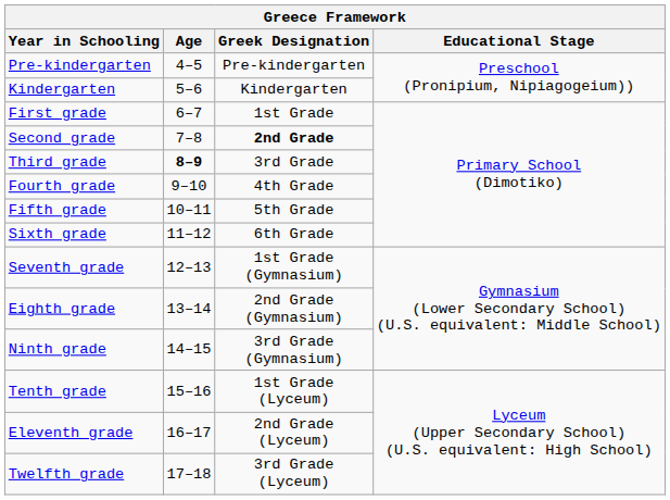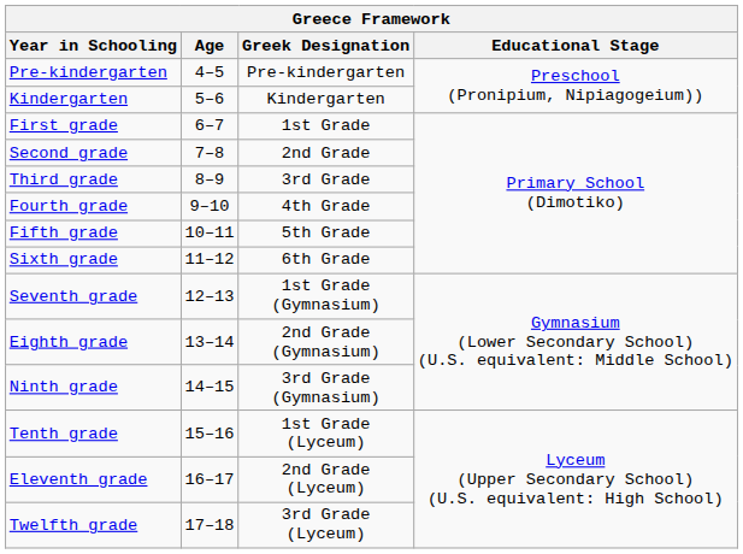 <table class="wikitable" style="text-align:center;">
 <tr>
 <th colspan="4">Greece Framework</th>
 </tr>
 <tr>
 <th>Year in Schooling</th>
 <th>Age</th>
 <th>Greek Designation</th>
 <th>Educational Stage</th>
 </tr>
 <tr>
 <td style="text-align:left;"><a href='#'>Pre-kindergarten</a></td>
 <td>4–5</td>
 <td>Pre-kindergarten</td>
 <td rowspan="2"><a href='#'>Preschool</a><br>(Pronipium, Nipiagogeium))</td>
 </tr>
 <tr>
 <td style="text-align:left;"><a href='#'>Kindergarten</a></td>
 <td>5–6</td>
 <td>Kindergarten</td>
 </tr>
 <tr>
 <td style="text-align:left;"><a href='#'>First grade</a></td>
 <td>6–7</td>
 <td>1st Grade</td>
 <td rowspan=6><a href='#'>Primary School</a><br>(Dimotiko)</td>
 </tr>
 <tr>
 <td style="text-align:left;"><a href='#'>Second grade</a></td>
 <td>7–8</td>
-<td><strong>2nd Grade</strong></td>
+<td>2nd Grade</td>
 </tr>
 <tr>
 <td style="text-align:left;"><a href='#'>Third grade</a></td>
-<td><strong>8–9</strong></td>
+<td>8–9</td>
 <td>3rd Grade</td>
 </tr>
 <tr>
 <td style="text-align:left;"><a href='#'>Fourth grade</a></td>
 <td>9–10</td>
 <td>4th Grade</td>
 </tr>
 <tr>
 <td style="text-align:left;"><a href='#'>Fifth grade</a></td>
 <td>10–11</td>
 <td>5th Grade</td>
 </tr>
 <tr>
 <td style="text-align:left;"><a href='#'>Sixth grade</a></td>
 <td>11–12</td>
 <td>6th Grade</td>
 </tr>
 <tr>
 <td style="text-align:left;"><a href='#'>Seventh grade</a></td>
 <td>12–13</td>
 <td>1st Grade<br>(Gymnasium)</td>
 <td rowspan="3"><a href='#'>Gymnasium</a><br>(Lower Secondary School) <br>(U.S. equivalent: Middle School)</td>
 </tr>
 <tr>
 <td style="text-align:left;"><a href='#'>Eighth grade</a></td>
 <td>13–14</td>
 <td>2nd Grade<br>(Gymnasium)</td>
 </tr>
 <tr>
 <td style="text-align:left;"><a href='#'>Ninth grade</a></td>
 <td>14–15</td>
 <td>3rd Grade<br>(Gymnasium)</td>
 </tr>
 <tr>
 <td style="text-align:left;"><a href='#'>Tenth grade</a></td>
 <td>15–16</td>
 <td>1st Grade<br>(Lyceum)</td>
 <td rowspan="3"><a href='#'>Lyceum</a><br>(Upper Secondary School) <br>(U.S. equivalent: High School)</td>
 </tr>
 <tr>
 <td style="text-align:left;"><a href='#'>Eleventh grade</a></td>
 <td>16–17</td>
 <td>2nd Grade<br>(Lyceum)</td>
 </tr>
 <tr>
 <td style="text-align:left;"><a href='#'>Twelfth grade</a></td>
 <td>17–18</td>
 <td>3rd Grade<br>(Lyceum)</td>
 </tr>
 </table>
